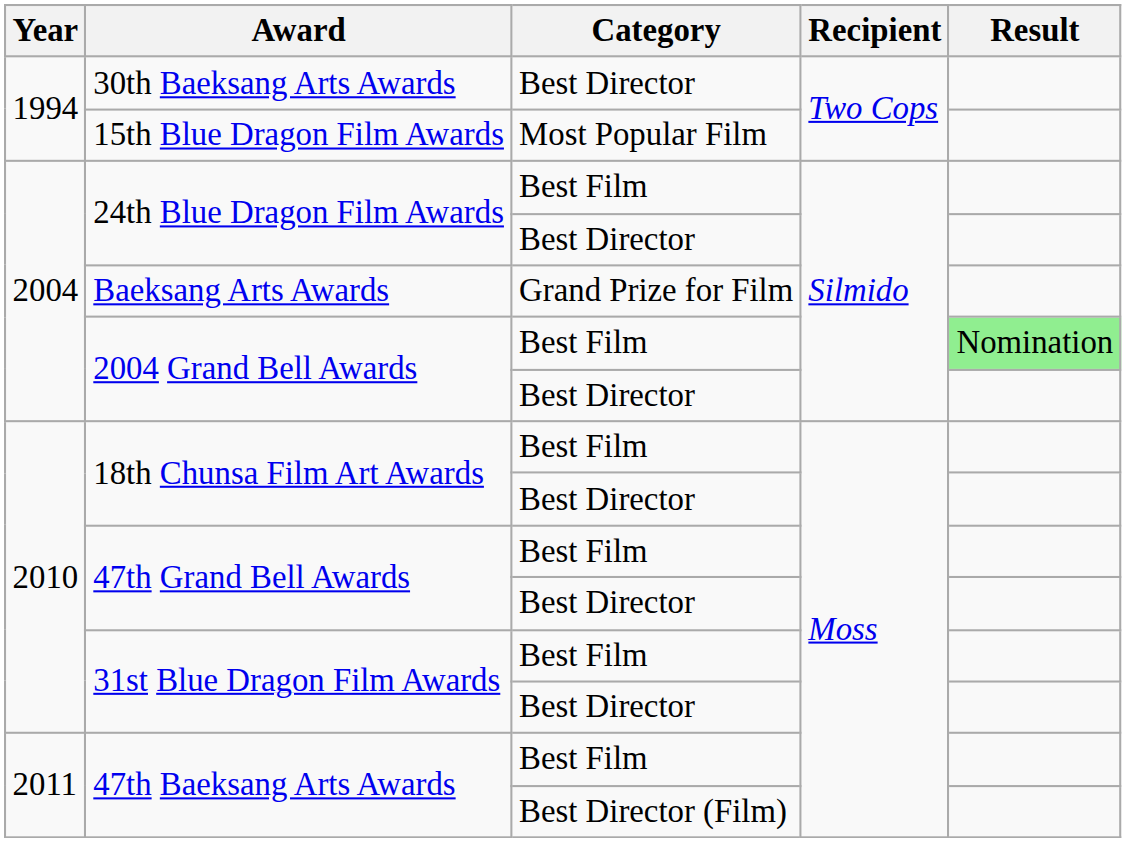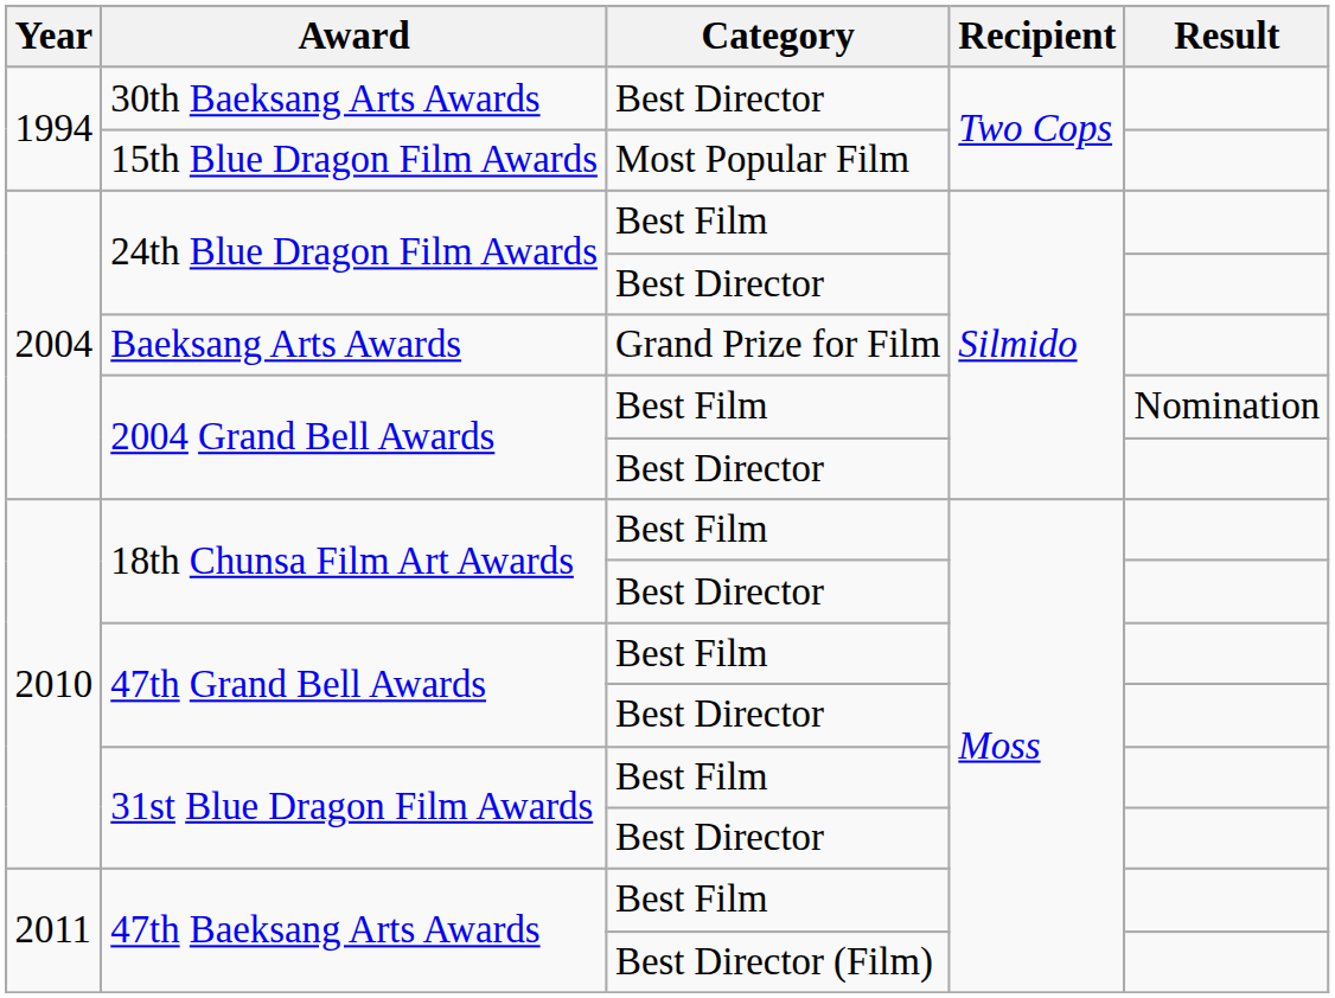 <table class="wikitable">
 <tr>
 <th>Year</th>
 <th>Award</th>
 <th>Category</th>
 <th>Recipient</th>
 <th>Result</th>
 </tr>
 <tr>
 <td rowspan="2">1994</td>
 <td>30th <a href='#'>Baeksang Arts Awards</a></td>
 <td>Best Director</td>
 <td rowspan="2"><em><a href='#'>Two Cops</a></em></td>
 <td></td>
 </tr>
 <tr>
 <td>15th <a href='#'>Blue Dragon Film Awards</a></td>
 <td>Most Popular Film</td>
 <td></td>
 </tr>
 <tr>
 <td rowspan="5">2004</td>
 <td rowspan="2">24th <a href='#'>Blue Dragon Film Awards</a></td>
 <td>Best Film</td>
 <td rowspan="5"><em><a href='#'>Silmido</a></em></td>
 <td></td>
 </tr>
 <tr>
 <td>Best Director</td>
 <td></td>
 </tr>
 <tr>
 <td><a href='#'>Baeksang Arts Awards</a></td>
 <td>Grand Prize for Film</td>
 <td></td>
 </tr>
 <tr>
 <td rowspan="2"><a href='#'>2004</a> <a href='#'>Grand Bell Awards</a></td>
 <td>Best Film</td>
-<td style="background: lightgreen;">Nomination </td>
+<td>Nomination </td>
 </tr>
 <tr>
 <td>Best Director</td>
 <td></td>
 </tr>
 <tr>
 <td rowspan="6">2010</td>
 <td rowspan="2">18th <a href='#'>Chunsa Film Art Awards</a></td>
 <td>Best Film</td>
 <td rowspan="8"><em><a href='#'>Moss</a></em></td>
 <td></td>
 </tr>
 <tr>
 <td>Best Director</td>
 <td></td>
 </tr>
 <tr>
 <td rowspan="2"><a href='#'>47th</a> <a href='#'>Grand Bell Awards</a></td>
 <td>Best Film</td>
 <td></td>
 </tr>
 <tr>
 <td>Best Director</td>
 <td></td>
 </tr>
 <tr>
 <td rowspan="2"><a href='#'>31st</a> <a href='#'>Blue Dragon Film Awards</a></td>
 <td>Best Film</td>
 <td></td>
 </tr>
 <tr>
 <td>Best Director</td>
 <td></td>
 </tr>
 <tr>
 <td rowspan="2">2011</td>
 <td rowspan="2"><a href='#'>47th</a> <a href='#'>Baeksang Arts Awards</a></td>
 <td>Best Film</td>
 <td></td>
 </tr>
 <tr>
 <td>Best Director (Film)</td>
 <td></td>
 </tr>
 </table>
